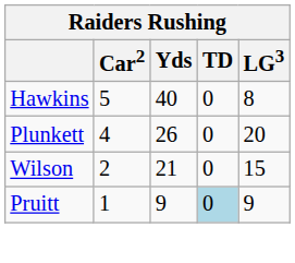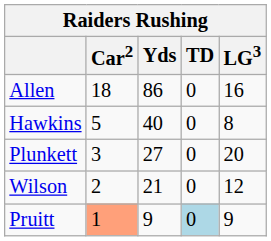 <table class="wikitable">
 <tr>
 <th colspan="5">Raiders Rushing</th>
 </tr>
 <tr>
 <th></th>
 <th>Car<sup>2</sup></th>
 <th>Yds</th>
 <th>TD</th>
 <th>LG<sup>3</sup></th>
 </tr>
 <tr>
+<td><a href='#'>Allen</a></td>
+<td>18</td>
+<td>86</td>
+<td>0</td>
+<td>16</td>
+</tr>
+<tr>
 <td><a href='#'>Hawkins</a></td>
 <td>5</td>
 <td>40</td>
 <td>0</td>
 <td>8</td>
 </tr>
 <tr>
 <td><a href='#'>Plunkett</a></td>
-<td>4</td>
-<td>26</td>
+<td>3</td>
+<td>27</td>
 <td>0</td>
 <td>20</td>
 </tr>
 <tr>
 <td><a href='#'>Wilson</a></td>
 <td>2</td>
 <td>21</td>
 <td>0</td>
-<td>15</td>
+<td>12</td>
 </tr>
 <tr>
 <td><a href='#'>Pruitt</a></td>
-<td>1</td>
+<td style="background: lightsalmon;">1</td>
 <td>9</td>
 <td style="background: lightblue;">0</td>
 <td>9</td>
 </tr>
 </table>
